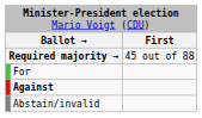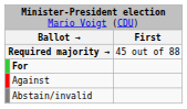 <table class="wikitable" style="text-align:center; font-size:98%;">
 <tr>
 <td colspan=4 align="center" bgcolor="#C0C0C0"><strong>Minister-President election</strong><br><a href='#'>Mario Voigt</a> (<a href='#'>CDU</a>)</td>
 </tr>
 <tr>
 <th colspan=2 style="width:150px;">Ballot →</th>
 <th>First</th>
 </tr>
 <tr>
 <th colspan=2>Required majority →</th>
 <td>45 out of 88 </td>
 </tr>
 <tr>
 <td bgcolor=limegreen></td>
-<td style="text-align:left;">For</td>
+<td style="text-align:left;"><strong>For</strong></td>
 <td></td>
 </tr>
 <tr>
 <td bgcolor=red></td>
-<td style="text-align:left;"><strong>Against</strong></td>
+<td style="text-align:left;">Against</td>
 <td></td>
 </tr>
 <tr>
 <td style="background:gray;"></td>
 <td style="text-align:left;">Abstain/invalid</td>
 <td></td>
 </tr>
 </table>
